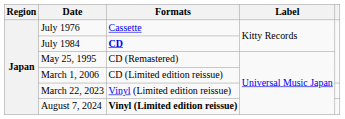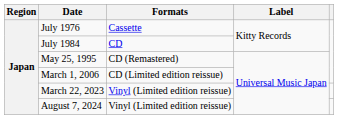 <table class="wikitable plainrowheaders">
 <tr>
 <th scope="col">Region</th>
 <th scope="col">Date</th>
 <th scope="col">Formats</th>
 <th scope="col">Label</th>
 <th scope="col" class="unsortable"></th>
 </tr>
 <tr>
 <th rowspan="6" scope="row">Japan</th>
 <td>July 1976</td>
 <td><a href='#'>Cassette</a></td>
 <td rowspan="2">Kitty Records</td>
 <td rowspan="4" align="center"></td>
 </tr>
 <tr>
 <td>July 1984</td>
-<td><strong><a href='#'>CD</a></strong></td>
+<td><a href='#'>CD</a></td>
 </tr>
 <tr>
 <td>May 25, 1995</td>
 <td>CD (Remastered)</td>
 <td rowspan="4"><a href='#'>Universal Music Japan</a></td>
 </tr>
 <tr>
 <td>March 1, 2006</td>
 <td>CD (Limited edition reissue)</td>
 </tr>
 <tr>
 <td>March 22, 2023</td>
 <td><a href='#'>Vinyl</a> (Limited edition reissue)</td>
 <td align="center"></td>
 </tr>
 <tr>
 <td>August 7, 2024</td>
-<td><strong>Vinyl (Limited edition reissue)</strong></td>
+<td>Vinyl (Limited edition reissue)</td>
 <td align="center"></td>
 </tr>
 </table>
